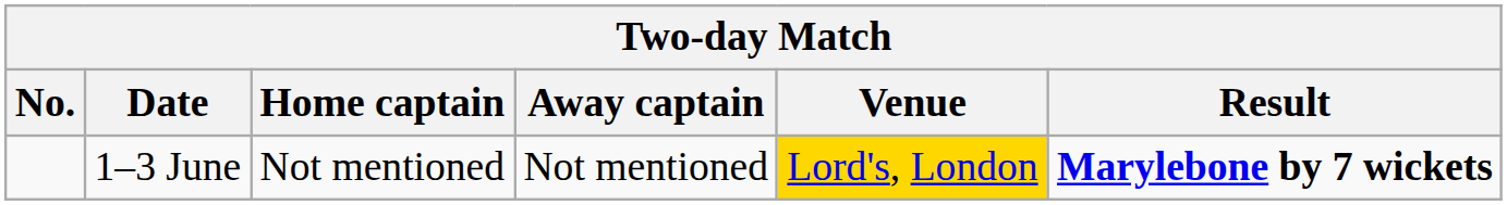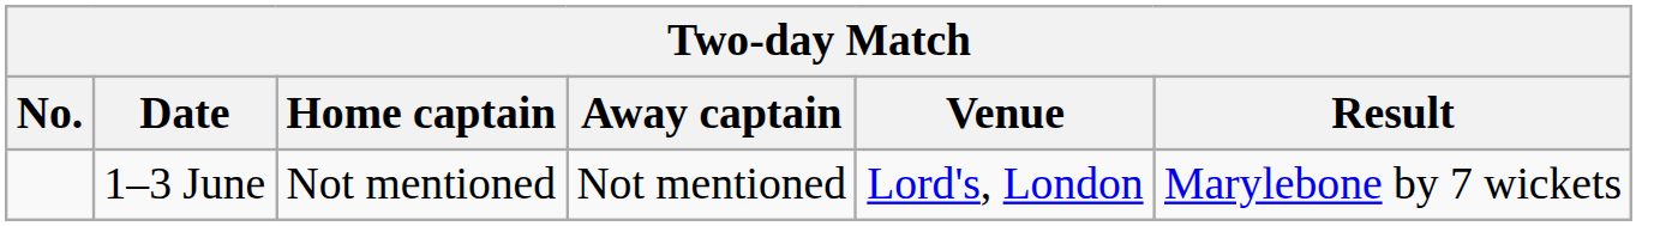 <table class="wikitable">
 <tr>
 <th colspan="9">Two-day Match</th>
 </tr>
 <tr>
 <th>No.</th>
 <th>Date</th>
 <th>Home captain</th>
 <th>Away captain</th>
 <th>Venue</th>
 <th>Result</th>
 </tr>
 <tr>
 <td></td>
 <td>1–3 June</td>
 <td>Not mentioned</td>
 <td>Not mentioned</td>
-<td style="background: gold;"><a href='#'>Lord's</a>, <a href='#'>London</a></td>
-<td><strong><a href='#'>Marylebone</a> by 7 wickets</strong></td>
+<td><a href='#'>Lord's</a>, <a href='#'>London</a></td>
+<td><a href='#'>Marylebone</a> by 7 wickets</td>
 </tr>
 </table>
